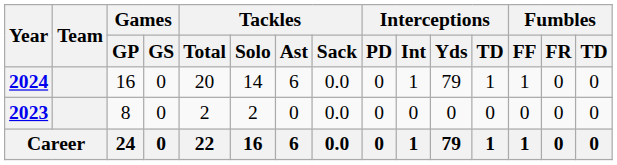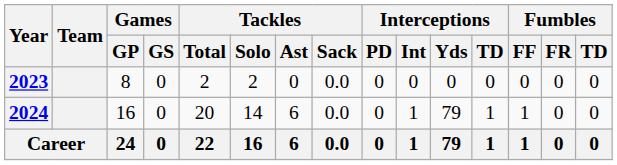 <table class="wikitable" style="text-align:center;">
 <tr>
 <th rowspan="2">Year</th>
 <th rowspan="2">Team</th>
 <th colspan="2">Games</th>
 <th colspan="4">Tackles</th>
 <th colspan="4">Interceptions</th>
 <th colspan="3">Fumbles</th>
 </tr>
 <tr>
 <th>GP</th>
 <th>GS</th>
 <th>Total</th>
 <th>Solo</th>
 <th>Ast</th>
 <th>Sack</th>
 <th>PD</th>
 <th>Int</th>
 <th>Yds</th>
 <th>TD</th>
 <th>FF</th>
 <th>FR</th>
 <th>TD</th>
 </tr>
 <tr>
+<th><a href='#'>2023</a></th>
+<th><a href='#'></a></th>
+<td>8</td>
+<td>0</td>
+<td>2</td>
+<td>2</td>
+<td>0</td>
+<td>0.0</td>
+<td>0</td>
+<td>0</td>
+<td>0</td>
+<td>0</td>
+<td>0</td>
+<td>0</td>
+<td>0</td>
+</tr>
+<tr>
 <th><a href='#'>2024</a></th>
 <th><a href='#'></a></th>
 <td>16</td>
 <td>0</td>
 <td>20</td>
 <td>14</td>
 <td>6</td>
 <td>0.0</td>
 <td>0</td>
 <td>1</td>
 <td>79</td>
 <td>1</td>
 <td>1</td>
-<td>0</td>
-<td>0</td>
-</tr>
-<tr>
-<th><a href='#'>2023</a></th>
-<th><a href='#'></a></th>
-<td>8</td>
-<td>0</td>
-<td>2</td>
-<td>2</td>
-<td>0</td>
-<td>0.0</td>
-<td>0</td>
-<td>0</td>
-<td>0</td>
-<td>0</td>
-<td>0</td>
 <td>0</td>
 <td>0</td>
 </tr>
 <tr>
 <th align=center colspan="2">Career</th>
 <th>24</th>
 <th>0</th>
 <th>22</th>
 <th>16</th>
 <th>6</th>
 <th>0.0</th>
 <th>0</th>
 <th>1</th>
 <th>79</th>
 <th>1</th>
 <th>1</th>
 <th>0</th>
 <th>0</th>
 </tr>
 </table>
